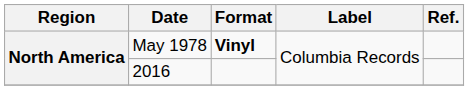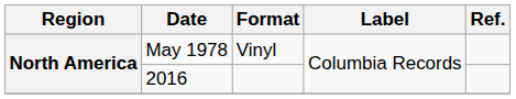 <table class="wikitable plainrowheaders">
 <tr>
 <th scope="col">Region</th>
 <th scope="col">Date</th>
 <th scope="col">Format</th>
 <th scope="col">Label</th>
 <th scope="col">Ref.</th>
 </tr>
 <tr>
 <th scope="row" rowspan="2">North America</th>
 <td>May 1978</td>
-<td><strong>Vinyl</strong></td>
+<td>Vinyl</td>
 <td rowspan="2">Columbia Records</td>
 <td></td>
 </tr>
 <tr>
 <td>2016</td>
 <td></td>
 <td></td>
 </tr>
 <tr>
 </tr>
 </table>
